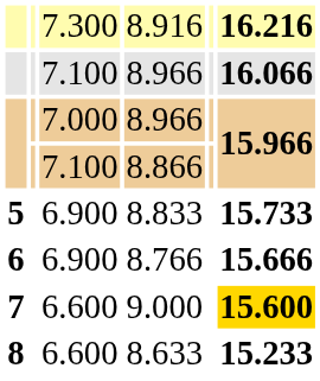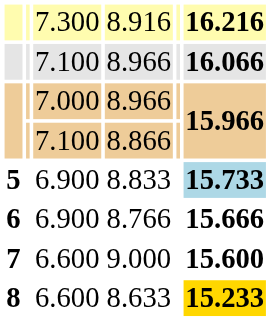 <table>
 <tr style="background:#fffcaf;">
 <th scope=row style="text-align:center"></th>
 <td style="text-align:left;"></td>
 <td>7.300</td>
 <td>8.916</td>
 <td></td>
 <td><strong>16.216</strong></td>
 </tr>
 <tr style="background:#e5e5e5;">
 <th scope=row style="text-align:center"></th>
 <td style="text-align:left;"></td>
 <td>7.100</td>
 <td>8.966</td>
 <td></td>
 <td><strong>16.066</strong></td>
 </tr>
 <tr style="background:#ec9;">
 <th rowspan=2 scope=row style="text-align:center"></th>
 <td style="text-align:left;"></td>
 <td>7.000</td>
 <td>8.966</td>
 <td></td>
 <td rowspan=2><strong>15.966</strong></td>
 </tr>
 <tr style="background:#ec9;">
 <td style="text-align:left;"></td>
 <td>7.100</td>
 <td>8.866</td>
 <td></td>
 </tr>
 <tr>
 <th scope=row style="text-align:center">5</th>
 <td style="text-align:left;"></td>
 <td>6.900</td>
 <td>8.833</td>
 <td></td>
-<td><strong>15.733</strong></td>
+<td style="background: lightblue;"><strong>15.733</strong></td>
 </tr>
 <tr>
 <th scope=row style="text-align:center">6</th>
 <td style="text-align:left;"></td>
 <td>6.900</td>
 <td>8.766</td>
 <td></td>
 <td><strong>15.666</strong></td>
 </tr>
 <tr>
 <th scope=row style="text-align:center">7</th>
 <td style="text-align:left;"></td>
 <td>6.600</td>
 <td>9.000</td>
 <td></td>
-<td style="background: gold;"><strong>15.600</strong></td>
+<td><strong>15.600</strong></td>
 </tr>
 <tr>
 <th scope=row style="text-align:center">8</th>
 <td style="text-align:left;"></td>
 <td>6.600</td>
 <td>8.633</td>
 <td></td>
-<td><strong>15.233</strong></td>
+<td style="background: gold;"><strong>15.233</strong></td>
 </tr>
 </table>
